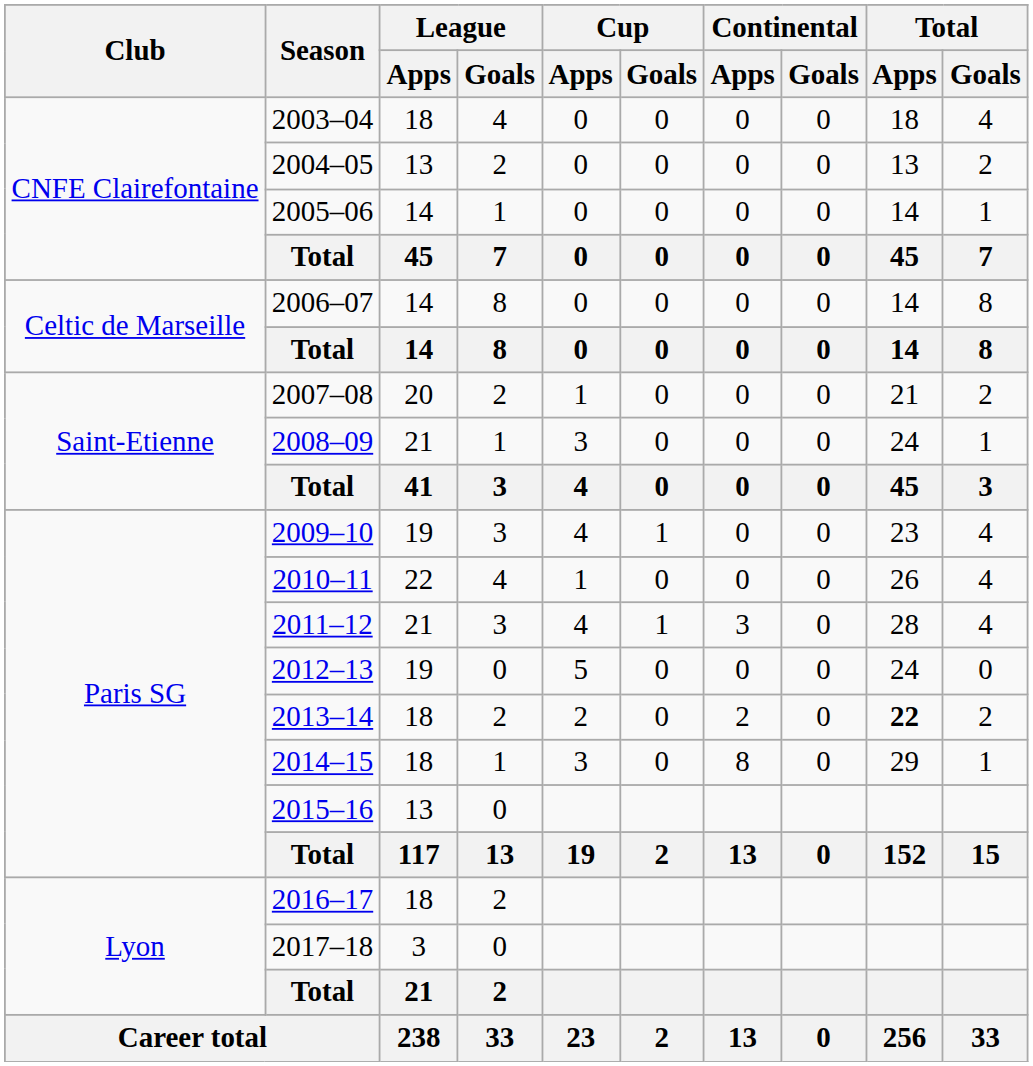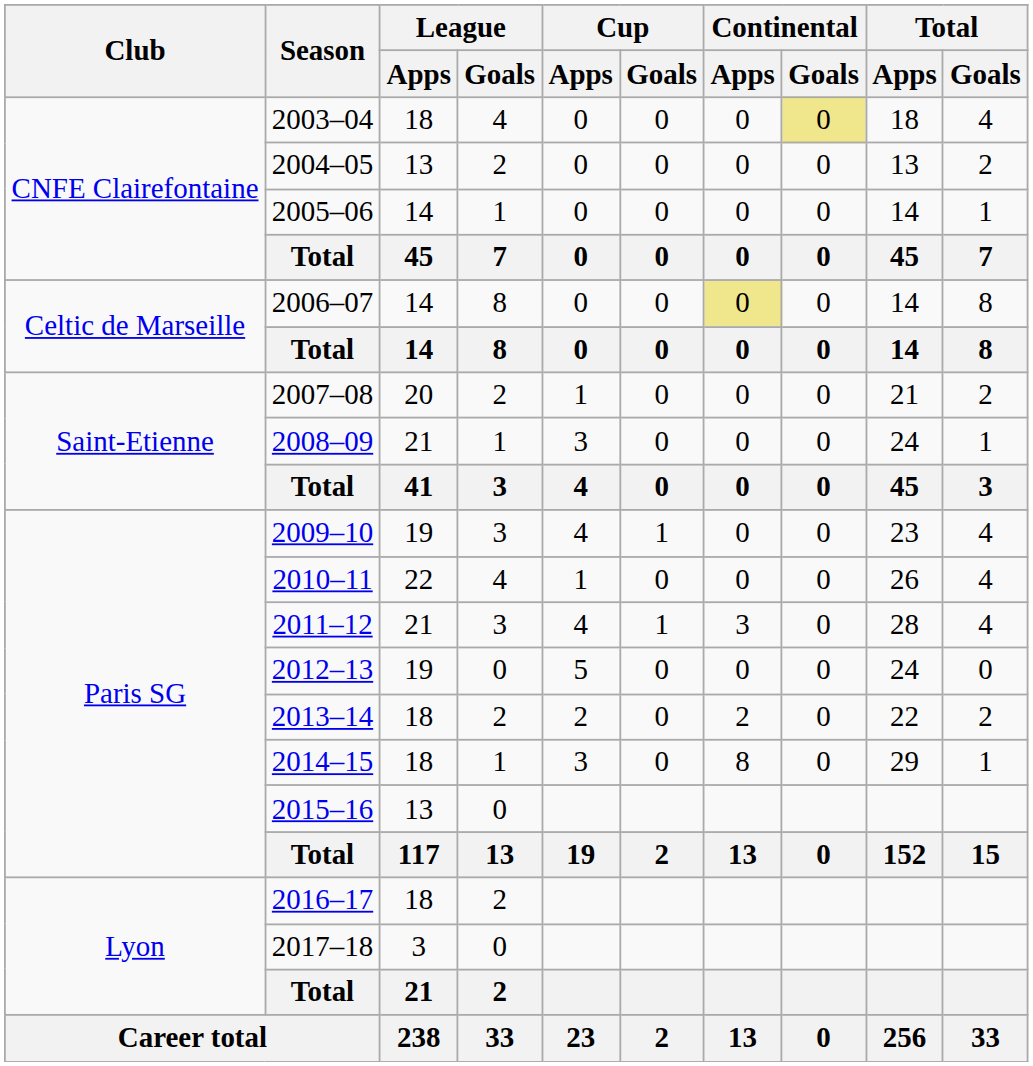 <table class="wikitable" style="text-align: center;">
 <tr>
 <th rowspan="2">Club</th>
 <th rowspan="2">Season</th>
 <th colspan="2">League</th>
 <th colspan="2">Cup</th>
 <th colspan="2">Continental</th>
 <th colspan="2">Total</th>
 </tr>
 <tr>
 <th>Apps</th>
 <th>Goals</th>
 <th>Apps</th>
 <th>Goals</th>
 <th>Apps</th>
 <th>Goals</th>
 <th>Apps</th>
 <th>Goals</th>
 </tr>
 <tr>
 <td rowspan="4" valign="center"><a href='#'>CNFE Clairefontaine</a></td>
 <td>2003–04</td>
 <td>18</td>
 <td>4</td>
 <td>0</td>
 <td>0</td>
 <td>0</td>
-<td>0</td>
+<td style="background: khaki;">0</td>
 <td>18</td>
 <td>4</td>
 </tr>
 <tr>
 <td>2004–05</td>
 <td>13</td>
 <td>2</td>
 <td>0</td>
 <td>0</td>
 <td>0</td>
 <td>0</td>
 <td>13</td>
 <td>2</td>
 </tr>
 <tr>
 <td>2005–06</td>
 <td>14</td>
 <td>1</td>
 <td>0</td>
 <td>0</td>
 <td>0</td>
 <td>0</td>
 <td>14</td>
 <td>1</td>
 </tr>
 <tr>
 <th>Total</th>
 <th>45</th>
 <th>7</th>
 <th>0</th>
 <th>0</th>
 <th>0</th>
 <th>0</th>
 <th>45</th>
 <th>7</th>
 </tr>
 <tr>
 <td rowspan="2" valign="center"><a href='#'>Celtic de Marseille</a></td>
 <td>2006–07</td>
 <td>14</td>
 <td>8</td>
 <td>0</td>
 <td>0</td>
-<td>0</td>
+<td style="background: khaki;">0</td>
 <td>0</td>
 <td>14</td>
 <td>8</td>
 </tr>
 <tr>
 <th>Total</th>
 <th>14</th>
 <th>8</th>
 <th>0</th>
 <th>0</th>
 <th>0</th>
 <th>0</th>
 <th>14</th>
 <th>8</th>
 </tr>
 <tr>
 <td rowspan="3" valign="center"><a href='#'>Saint-Etienne</a></td>
 <td>2007–08</td>
 <td>20</td>
 <td>2</td>
 <td>1</td>
 <td>0</td>
 <td>0</td>
 <td>0</td>
 <td>21</td>
 <td>2</td>
 </tr>
 <tr>
 <td><a href='#'>2008–09</a></td>
 <td>21</td>
 <td>1</td>
 <td>3</td>
 <td>0</td>
 <td>0</td>
 <td>0</td>
 <td>24</td>
 <td>1</td>
 </tr>
 <tr>
 <th>Total</th>
 <th>41</th>
 <th>3</th>
 <th>4</th>
 <th>0</th>
 <th>0</th>
 <th>0</th>
 <th>45</th>
 <th>3</th>
 </tr>
 <tr>
 <td rowspan="8" valign="center"><a href='#'>Paris SG</a></td>
 <td><a href='#'>2009–10</a></td>
 <td>19</td>
 <td>3</td>
 <td>4</td>
 <td>1</td>
 <td>0</td>
 <td>0</td>
 <td>23</td>
 <td>4</td>
 </tr>
 <tr>
 <td><a href='#'>2010–11</a></td>
 <td>22</td>
 <td>4</td>
 <td>1</td>
 <td>0</td>
 <td>0</td>
 <td>0</td>
 <td>26</td>
 <td>4</td>
 </tr>
 <tr>
 <td><a href='#'>2011–12</a></td>
 <td>21</td>
 <td>3</td>
 <td>4</td>
 <td>1</td>
 <td>3</td>
 <td>0</td>
 <td>28</td>
 <td>4</td>
 </tr>
 <tr>
 <td><a href='#'>2012–13</a></td>
 <td>19</td>
 <td>0</td>
 <td>5</td>
 <td>0</td>
 <td>0</td>
 <td>0</td>
 <td>24</td>
 <td>0</td>
 </tr>
 <tr>
 <td><a href='#'>2013–14</a></td>
 <td>18</td>
 <td>2</td>
 <td>2</td>
 <td>0</td>
 <td>2</td>
 <td>0</td>
-<td><strong>22</strong></td>
+<td>22</td>
 <td>2</td>
 </tr>
 <tr>
 <td><a href='#'>2014–15</a></td>
 <td>18</td>
 <td>1</td>
 <td>3</td>
 <td>0</td>
 <td>8</td>
 <td>0</td>
 <td>29</td>
 <td>1</td>
 </tr>
 <tr>
 <td><a href='#'>2015–16</a></td>
 <td>13</td>
 <td>0</td>
 <td></td>
 <td></td>
 <td></td>
 <td></td>
 <td></td>
 <td></td>
 </tr>
 <tr>
 <th>Total</th>
 <th>117</th>
 <th>13</th>
 <th>19</th>
 <th>2</th>
 <th>13</th>
 <th>0</th>
 <th>152</th>
 <th>15</th>
 </tr>
 <tr>
 <td rowspan="3"><a href='#'>Lyon</a></td>
 <td><a href='#'>2016–17</a></td>
 <td>18</td>
 <td>2</td>
 <td></td>
 <td></td>
 <td></td>
 <td></td>
 <td></td>
 <td></td>
 </tr>
 <tr>
 <td>2017–18</td>
 <td>3</td>
 <td>0</td>
 <td></td>
 <td></td>
 <td></td>
 <td></td>
 <td></td>
 <td></td>
 </tr>
 <tr>
 <th>Total</th>
 <th>21</th>
 <th>2</th>
 <th></th>
 <th></th>
 <th></th>
 <th></th>
 <th></th>
 <th></th>
 </tr>
 <tr>
 <th colspan="2">Career total</th>
 <th>238</th>
 <th>33</th>
 <th>23</th>
 <th>2</th>
 <th>13</th>
 <th>0</th>
 <th>256</th>
 <th>33</th>
 </tr>
 </table>
